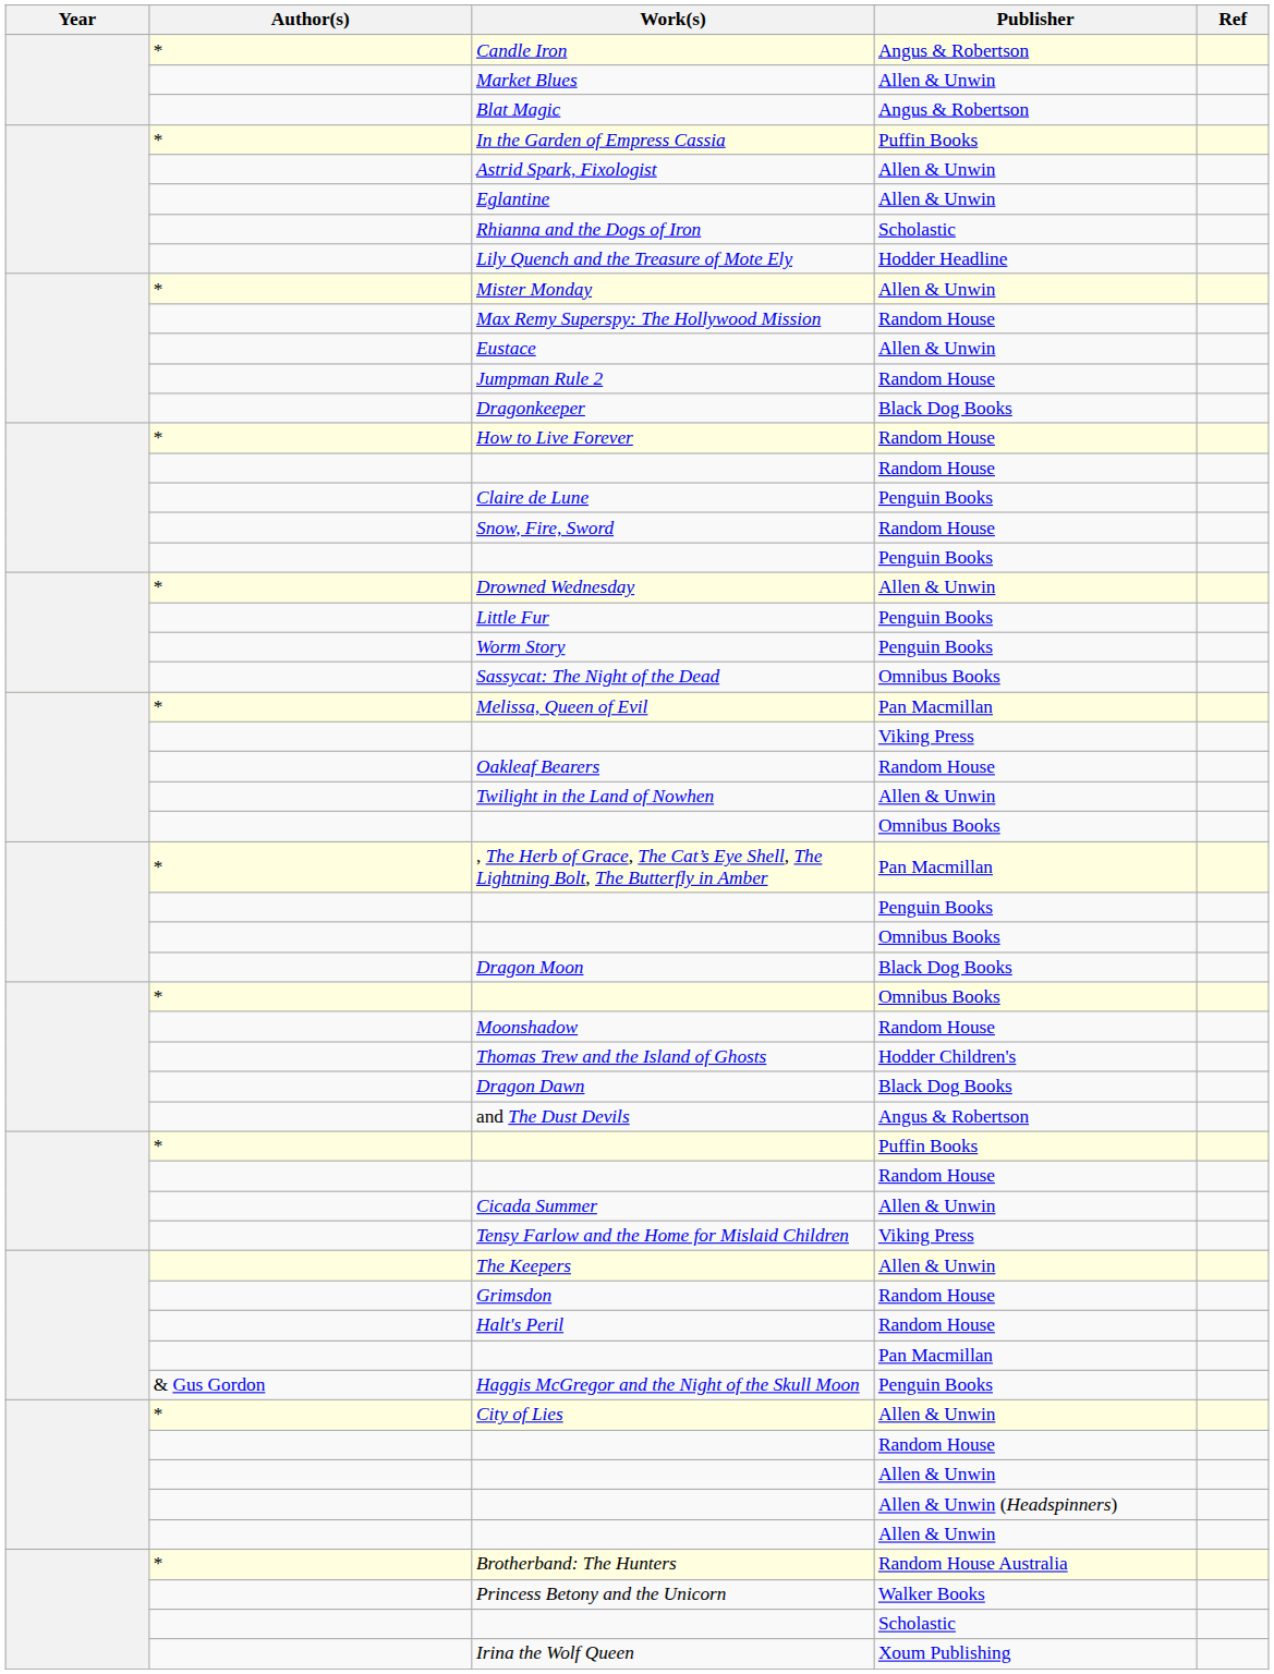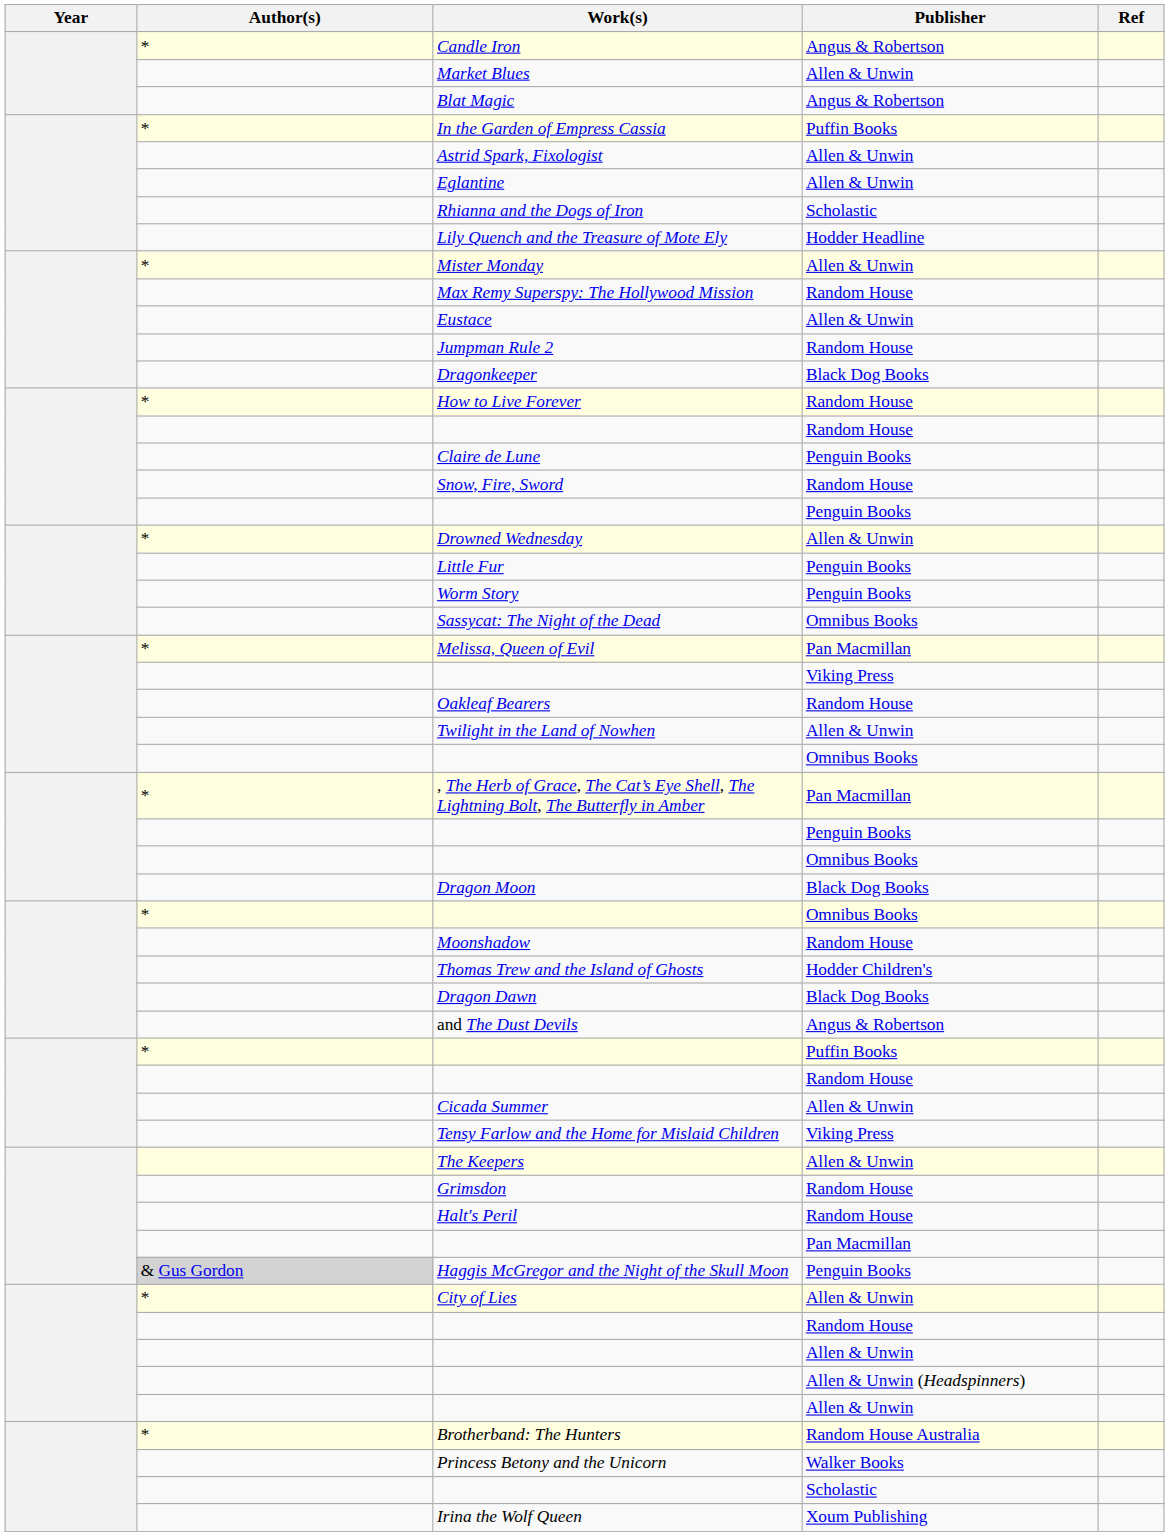 <table class="sortable wikitable" style="width:85%; margin:1em auto 1em auto;">
 <tr>
 <th style="width:10%;">Year</th>
 <th style="width:22.5%;">Author(s)</th>
 <th style="width:28%;">Work(s)</th>
 <th style="width:22.5%;">Publisher</th>
 <th style="width:5%;" class="unsortable">Ref</th>
 </tr>
 <tr style="background:lightyellow;">
 <th rowspan="3" style="text-align:center;"></th>
 <td>*</td>
 <td><em><a href='#'>Candle Iron</a></em></td>
 <td><a href='#'>Angus & Robertson</a></td>
 <td></td>
 </tr>
 <tr>
 <td></td>
 <td><em><a href='#'>Market Blues</a></em></td>
 <td><a href='#'>Allen & Unwin</a></td>
 <td></td>
 </tr>
 <tr>
 <td></td>
 <td><em><a href='#'>Blat Magic</a></em></td>
 <td><a href='#'>Angus & Robertson</a></td>
 <td></td>
 </tr>
 <tr style="background:lightyellow;">
 <th rowspan="5" style="text-align:center;"></th>
 <td>*</td>
 <td><em><a href='#'>In the Garden of Empress Cassia</a></em></td>
 <td><a href='#'>Puffin Books</a></td>
 <td></td>
 </tr>
 <tr>
 <td></td>
 <td><em><a href='#'>Astrid Spark, Fixologist</a></em></td>
 <td><a href='#'>Allen & Unwin</a></td>
 <td></td>
 </tr>
 <tr>
 <td></td>
 <td><em><a href='#'>Eglantine</a></em></td>
 <td><a href='#'>Allen & Unwin</a></td>
 <td></td>
 </tr>
 <tr>
 <td></td>
 <td><em><a href='#'>Rhianna and the Dogs of Iron</a></em></td>
 <td><a href='#'>Scholastic</a></td>
 <td></td>
 </tr>
 <tr>
 <td></td>
 <td><em><a href='#'>Lily Quench and the Treasure of Mote Ely</a></em></td>
 <td><a href='#'>Hodder Headline</a></td>
 <td></td>
 </tr>
 <tr style="background:lightyellow;">
 <th rowspan="5" style="text-align:center;"></th>
 <td>*</td>
 <td><em><a href='#'>Mister Monday</a></em></td>
 <td><a href='#'>Allen & Unwin</a></td>
 <td></td>
 </tr>
 <tr>
 <td></td>
 <td><em><a href='#'>Max Remy Superspy: The Hollywood Mission</a></em></td>
 <td><a href='#'>Random House</a></td>
 <td></td>
 </tr>
 <tr>
 <td></td>
 <td><em><a href='#'>Eustace</a></em></td>
 <td><a href='#'>Allen & Unwin</a></td>
 <td></td>
 </tr>
 <tr>
 <td></td>
 <td><em><a href='#'>Jumpman Rule 2</a></em></td>
 <td><a href='#'>Random House</a></td>
 <td></td>
 </tr>
 <tr>
 <td></td>
 <td><em><a href='#'>Dragonkeeper</a></em></td>
 <td><a href='#'>Black Dog Books</a></td>
 <td></td>
 </tr>
 <tr style="background:lightyellow;">
 <th rowspan="5" style="text-align:center;"></th>
 <td>*</td>
 <td><em><a href='#'>How to Live Forever</a></em></td>
 <td><a href='#'>Random House</a></td>
 <td></td>
 </tr>
 <tr>
 <td></td>
 <td></td>
 <td><a href='#'>Random House</a></td>
 <td></td>
 </tr>
 <tr>
 <td></td>
 <td><em><a href='#'>Claire de Lune</a></em></td>
 <td><a href='#'>Penguin Books</a></td>
 <td></td>
 </tr>
 <tr>
 <td></td>
 <td><em><a href='#'>Snow, Fire, Sword</a></em></td>
 <td><a href='#'>Random House</a></td>
 <td></td>
 </tr>
 <tr>
 <td></td>
 <td></td>
 <td><a href='#'>Penguin Books</a></td>
 <td></td>
 </tr>
 <tr style="background:lightyellow;">
 <th rowspan="4" style="text-align:center;"></th>
 <td>*</td>
 <td><em><a href='#'>Drowned Wednesday</a></em></td>
 <td><a href='#'>Allen & Unwin</a></td>
 <td></td>
 </tr>
 <tr>
 <td></td>
 <td><em><a href='#'>Little Fur</a></em></td>
 <td><a href='#'>Penguin Books</a></td>
 <td></td>
 </tr>
 <tr>
 <td></td>
 <td><em><a href='#'>Worm Story</a></em></td>
 <td><a href='#'>Penguin Books</a></td>
 <td></td>
 </tr>
 <tr>
 <td></td>
 <td><em><a href='#'>Sassycat: The Night of the Dead</a></em></td>
 <td><a href='#'>Omnibus Books</a></td>
 <td></td>
 </tr>
 <tr style="background:lightyellow;">
 <th rowspan="5" style="text-align:center;"></th>
 <td>*</td>
 <td><em><a href='#'>Melissa, Queen of Evil</a></em></td>
 <td><a href='#'>Pan Macmillan</a></td>
 <td></td>
 </tr>
 <tr>
 <td></td>
 <td></td>
 <td><a href='#'>Viking Press</a></td>
 <td></td>
 </tr>
 <tr>
 <td></td>
 <td><em><a href='#'>Oakleaf Bearers</a></em></td>
 <td><a href='#'>Random House</a></td>
 <td></td>
 </tr>
 <tr>
 <td></td>
 <td><em><a href='#'>Twilight in the Land of Nowhen</a></em></td>
 <td><a href='#'>Allen & Unwin</a></td>
 <td></td>
 </tr>
 <tr>
 <td></td>
 <td></td>
 <td><a href='#'>Omnibus Books</a></td>
 <td></td>
 </tr>
 <tr style="background:lightyellow;">
 <th rowspan="4" style="text-align:center;"></th>
 <td>*</td>
 <td>, <em><a href='#'>The Herb of Grace</a></em>, <em><a href='#'>The Cat’s Eye Shell</a></em>, <em><a href='#'>The Lightning Bolt</a></em>, <em><a href='#'>The Butterfly in Amber</a></em></td>
 <td><a href='#'>Pan Macmillan</a></td>
 <td></td>
 </tr>
 <tr>
 <td></td>
 <td></td>
 <td><a href='#'>Penguin Books</a></td>
 <td></td>
 </tr>
 <tr>
 <td></td>
 <td></td>
 <td><a href='#'>Omnibus Books</a></td>
 <td></td>
 </tr>
 <tr>
 <td></td>
 <td><em><a href='#'>Dragon Moon</a></em></td>
 <td><a href='#'>Black Dog Books</a></td>
 <td></td>
 </tr>
 <tr style="background:lightyellow;">
 <th rowspan="5" style="text-align:center;"></th>
 <td>*</td>
 <td></td>
 <td><a href='#'>Omnibus Books</a></td>
 <td></td>
 </tr>
 <tr>
 <td></td>
 <td><em><a href='#'>Moonshadow</a></em></td>
 <td><a href='#'>Random House</a></td>
 <td></td>
 </tr>
 <tr>
 <td></td>
 <td><em><a href='#'>Thomas Trew and the Island of Ghosts</a></em></td>
 <td><a href='#'>Hodder Children's</a></td>
 <td></td>
 </tr>
 <tr>
 <td></td>
 <td><em><a href='#'>Dragon Dawn</a></em></td>
 <td><a href='#'>Black Dog Books</a></td>
 <td></td>
 </tr>
 <tr>
 <td></td>
 <td> and <em><a href='#'>The Dust Devils</a></em></td>
 <td><a href='#'>Angus & Robertson</a></td>
 <td></td>
 </tr>
 <tr style="background:lightyellow;">
 <th rowspan="4" style="text-align:center;"></th>
 <td>*</td>
 <td></td>
 <td><a href='#'>Puffin Books</a></td>
 <td></td>
 </tr>
 <tr>
 <td></td>
 <td></td>
 <td><a href='#'>Random House</a></td>
 <td></td>
 </tr>
 <tr>
 <td></td>
 <td><em><a href='#'>Cicada Summer</a></em></td>
 <td><a href='#'>Allen & Unwin</a></td>
 <td></td>
 </tr>
 <tr>
 <td></td>
 <td><em><a href='#'>Tensy Farlow and the Home for Mislaid Children</a></em></td>
 <td><a href='#'>Viking Press</a></td>
 <td></td>
 </tr>
 <tr style="background:lightyellow;">
 <th rowspan="5" style="text-align:center;"></th>
 <td></td>
 <td><em><a href='#'>The Keepers</a></em></td>
 <td><a href='#'>Allen & Unwin</a></td>
 <td></td>
 </tr>
 <tr>
 <td></td>
 <td><em><a href='#'>Grimsdon</a></em></td>
 <td><a href='#'>Random House</a></td>
 <td></td>
 </tr>
 <tr>
 <td></td>
 <td><em><a href='#'>Halt's Peril</a></em></td>
 <td><a href='#'>Random House</a></td>
 <td></td>
 </tr>
 <tr>
 <td></td>
 <td></td>
 <td><a href='#'>Pan Macmillan</a></td>
 <td></td>
 </tr>
 <tr>
-<td> & <a href='#'>Gus Gordon</a></td>
+<td style="background: lightgrey;"> & <a href='#'>Gus Gordon</a></td>
 <td><em><a href='#'>Haggis McGregor and the Night of the Skull Moon</a></em></td>
 <td><a href='#'>Penguin Books</a></td>
 <td></td>
 </tr>
 <tr style="background:lightyellow;">
 <th rowspan="5" style="text-align:center;"></th>
 <td>*</td>
 <td><em><a href='#'>City of Lies</a></em></td>
 <td><a href='#'>Allen & Unwin</a></td>
 <td></td>
 </tr>
 <tr>
 <td></td>
 <td></td>
 <td><a href='#'>Random House</a></td>
 <td></td>
 </tr>
 <tr>
 <td></td>
 <td></td>
 <td><a href='#'>Allen & Unwin</a></td>
 <td></td>
 </tr>
 <tr>
 <td></td>
 <td></td>
 <td><a href='#'>Allen & Unwin</a> (<em>Headspinners</em>)</td>
 <td></td>
 </tr>
 <tr>
 <td></td>
 <td></td>
 <td><a href='#'>Allen & Unwin</a></td>
 <td></td>
 </tr>
 <tr style="background:lightyellow;">
 <th rowspan="4" align="center"></th>
 <td>*</td>
 <td><em>Brotherband: The Hunters</em></td>
 <td><a href='#'>Random House Australia</a></td>
 <td></td>
 </tr>
 <tr>
 <td></td>
 <td><em>Princess Betony and the Unicorn</em></td>
 <td><a href='#'>Walker Books</a></td>
 <td></td>
 </tr>
 <tr>
 <td></td>
 <td><em></em></td>
 <td><a href='#'>Scholastic</a></td>
 <td></td>
 </tr>
 <tr>
 <td></td>
 <td><em>Irina the Wolf Queen</em></td>
 <td><a href='#'>Xoum Publishing</a></td>
 <td></td>
 </tr>
 </table>
